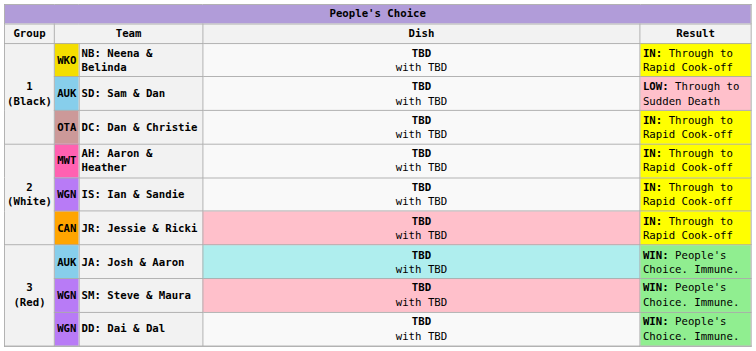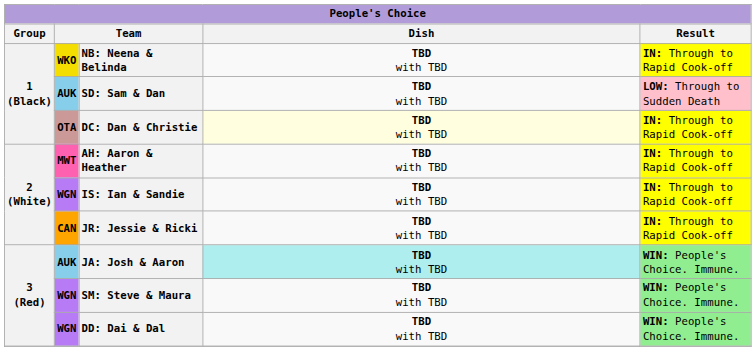 <table class="wikitable" style="text-align: center; font-size: 9pt; line-height:16px; width:95%">
 <tr>
 <th colspan="6" style="background:#b19cd9; ">People's Choice</th>
 </tr>
 <tr>
 <th style="width:5%;">Group</th>
 <th colspan="2" style="width:20%;">Team</th>
 <th style="width:60%;">Dish</th>
 <th style="width:20%;">Result</th>
 </tr>
 <tr>
 <th rowspan="3">1<br>(Black)</th>
 <th scope="row" align="left" style="background:#F4DE00; ">WKO</th>
 <th scope="row" style="text-align:left;">NB: Neena & Belinda</th>
 <td><strong>TBD</strong><br>with TBD</td>
 <td scope="row" style="text-align:left;" bgcolor="yellow"><strong>IN:</strong> Through to Rapid Cook-off</td>
 </tr>
 <tr>
 <th scope="row" align="left" style="background-color:skyblue; ">AUK</th>
 <th scope="row" style="text-align:left;">SD: Sam & Dan</th>
 <td><strong>TBD</strong><br>with TBD</td>
 <td scope="row" style="text-align:left;" bgcolor="pink"><strong>LOW:</strong> Through to Sudden Death</td>
 </tr>
 <tr>
 <th scope="row" align="left" style="background-color:#CC9999; ">OTA</th>
 <th scope="row" style="text-align:left;">DC: Dan & Christie</th>
-<td><strong>TBD</strong><br>with TBD</td>
+<td style="background: lightyellow;"><strong>TBD</strong><br>with TBD</td>
 <td scope="row" style="text-align:left;" bgcolor="yellow"><strong>IN:</strong> Through to Rapid Cook-off</td>
 </tr>
 <tr>
 <th rowspan="3">2<br>(White)</th>
 <th scope="row" align="left" style="background:#FF61B1; ">MWT</th>
 <th scope="row" style="text-align:left;">AH: Aaron & Heather</th>
 <td><strong>TBD</strong><br>with TBD</td>
 <td scope="row" style="text-align:left;" bgcolor="yellow"><strong>IN:</strong> Through to Rapid Cook-off</td>
 </tr>
 <tr>
 <th scope="row" align="center" style="background:#B87BF6; ">WGN</th>
 <th scope="row" style="text-align:left;">IS: Ian & Sandie</th>
 <td><strong>TBD</strong><br>with TBD</td>
 <td scope="row" style="text-align:left;" bgcolor="yellow"><strong>IN:</strong> Through to Rapid Cook-off</td>
 </tr>
 <tr>
 <th scope="row" align="left" style="background:orange; ">CAN</th>
 <th scope="row" style="text-align:left;">JR: Jessie & Ricki</th>
-<td style="background: pink;"><strong>TBD</strong><br>with TBD</td>
+<td><strong>TBD</strong><br>with TBD</td>
 <td scope="row" style="text-align:left;" bgcolor="yellow"><strong>IN:</strong> Through to Rapid Cook-off</td>
 </tr>
 <tr>
 <th rowspan="3">3<br>(Red)</th>
 <th scope="row" align="left" style="background-color:skyblue; ">AUK</th>
 <th scope="row" style="text-align:left;">JA: Josh & Aaron</th>
 <td style="background: paleturquoise;"><strong>TBD</strong><br>with TBD</td>
 <td scope="row" style="text-align:left;" bgcolor="lightgreen"><strong>WIN:</strong> People's Choice. Immune.</td>
 </tr>
 <tr>
 <th scope="row" align="center" style="background:#B87BF6; ">WGN</th>
 <th scope="row" style="text-align:left;">SM: Steve & Maura</th>
-<td style="background: pink;"><strong>TBD</strong><br>with TBD</td>
+<td><strong>TBD</strong><br>with TBD</td>
 <td scope="row" style="text-align:left;" bgcolor="lightgreen"><strong>WIN:</strong> People's Choice. Immune.</td>
 </tr>
 <tr>
 <th scope="row" align="center" style="background:#B87BF6; ">WGN</th>
 <th scope="row" style="text-align:left;">DD: Dai & Dal</th>
 <td><strong>TBD</strong><br>with TBD</td>
 <td scope="row" style="text-align:left;" bgcolor="lightgreen"><strong>WIN:</strong> People's Choice. Immune.</td>
 </tr>
 <tr>
 </tr>
 </table>
